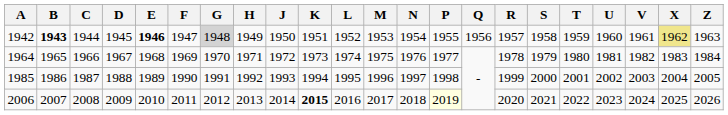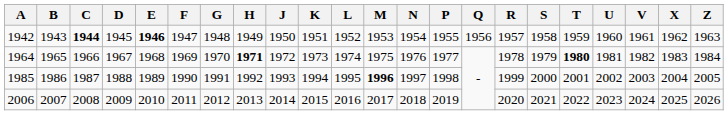 <table class="wikitable" style="text-align:center;">
 <tr>
 <th>A</th>
 <th>B</th>
 <th>C</th>
 <th>D</th>
 <th>E</th>
 <th>F</th>
 <th>G</th>
 <th>H</th>
 <th>J</th>
 <th>K</th>
 <th>L</th>
 <th>M</th>
 <th>N</th>
 <th>P</th>
 <th>Q</th>
 <th>R</th>
 <th>S</th>
 <th>T</th>
 <th>U</th>
 <th>V</th>
 <th>X</th>
 <th>Z</th>
 </tr>
 <tr>
 <td>1942</td>
-<td><strong>1943</strong></td>
-<td>1944</td>
+<td>1943</td>
+<td><strong>1944</strong></td>
 <td>1945</td>
 <td><strong>1946</strong></td>
 <td>1947</td>
-<td style="background: lightgrey;">1948</td>
+<td>1948</td>
 <td>1949</td>
 <td>1950</td>
 <td>1951</td>
 <td>1952</td>
 <td>1953</td>
 <td>1954</td>
 <td>1955</td>
 <td>1956</td>
 <td>1957</td>
 <td>1958</td>
 <td>1959</td>
 <td>1960</td>
 <td>1961</td>
-<td style="background: khaki;">1962</td>
+<td>1962</td>
 <td>1963</td>
 </tr>
 <tr>
 <td>1964</td>
 <td>1965</td>
 <td>1966</td>
 <td>1967</td>
 <td>1968</td>
 <td>1969</td>
 <td>1970</td>
-<td>1971</td>
+<td><strong>1971</strong></td>
 <td>1972</td>
 <td>1973</td>
 <td>1974</td>
 <td>1975</td>
 <td>1976</td>
 <td>1977</td>
 <td rowspan="3">-</td>
 <td>1978</td>
 <td>1979</td>
-<td>1980</td>
+<td><strong>1980</strong></td>
 <td>1981</td>
 <td>1982</td>
 <td>1983</td>
 <td>1984</td>
 </tr>
 <tr>
 <td>1985</td>
 <td>1986</td>
 <td>1987</td>
 <td>1988</td>
 <td>1989</td>
 <td>1990</td>
 <td>1991</td>
 <td>1992</td>
 <td>1993</td>
 <td>1994</td>
 <td>1995</td>
-<td>1996</td>
+<td><strong>1996</strong></td>
 <td>1997</td>
 <td>1998</td>
 <td>1999</td>
 <td>2000</td>
 <td>2001</td>
 <td>2002</td>
 <td>2003</td>
 <td>2004</td>
 <td>2005</td>
 </tr>
 <tr>
 <td>2006</td>
 <td>2007</td>
 <td>2008</td>
 <td>2009</td>
 <td>2010</td>
 <td>2011</td>
 <td>2012</td>
 <td>2013</td>
 <td>2014</td>
-<td><strong>2015</strong></td>
+<td>2015</td>
 <td>2016</td>
 <td>2017</td>
 <td>2018</td>
-<td style="background: lightyellow;">2019</td>
+<td>2019</td>
 <td>2020</td>
 <td>2021</td>
 <td>2022</td>
 <td>2023</td>
 <td>2024</td>
 <td>2025</td>
 <td>2026</td>
 </tr>
 </table>
